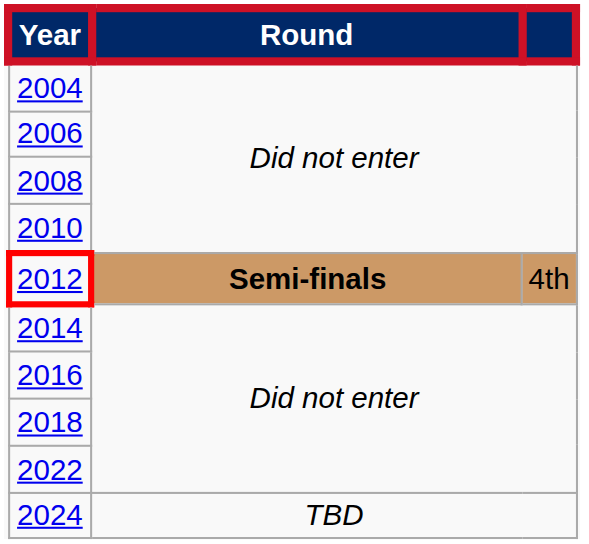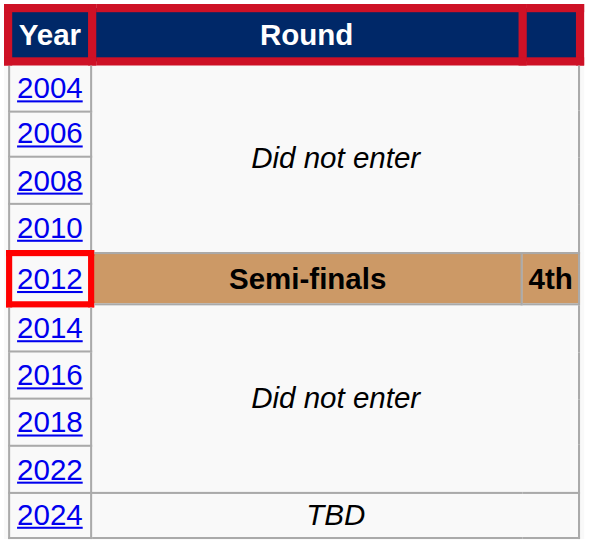 <table class="wikitable" style="text-align: center; font-size:90%">
 <tr style="color:white;">
 <th style="background:#002868; border: 4px solid #CE1126; ">Year</th>
 <th style="background:#002868; border: 4px solid #CE1126; width:200px">Round</th>
 <th style="background:#002868; border: 4px solid #CE1126;"></th>
 </tr>
 <tr>
 <td><a href='#'>2004</a></td>
 <td colspan="2" rowspan="4"><em>Did not enter</em></td>
 </tr>
 <tr>
 <td><a href='#'>2006</a></td>
 </tr>
 <tr>
 <td><a href='#'>2008</a></td>
 </tr>
 <tr>
 <td><a href='#'>2010</a></td>
 </tr>
 <tr>
 <td style="border: 3px solid red"><a href='#'>2012</a></td>
 <td bgcolor="cc9966"><strong>Semi-finals</strong></td>
-<td bgcolor="cc9966">4th</td>
+<td bgcolor="cc9966"><strong>4th</strong></td>
 </tr>
 <tr>
 <td><a href='#'>2014</a></td>
 <td colspan="2" rowspan="4"><em>Did not enter</em></td>
 </tr>
 <tr>
 <td><a href='#'>2016</a></td>
 </tr>
 <tr>
 <td><a href='#'>2018</a></td>
 </tr>
 <tr>
 <td><a href='#'>2022</a></td>
 </tr>
 <tr>
 <td><a href='#'>2024</a></td>
 <td colspan="2"><em>TBD</em></td>
 </tr>
 </table>
